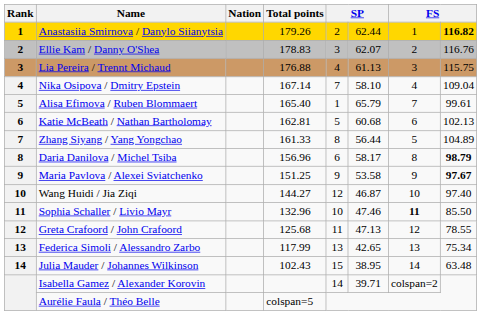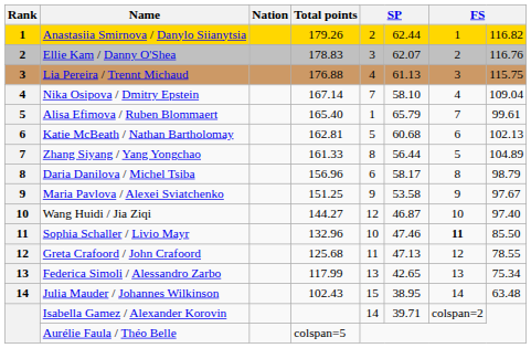 <table class="wikitable sortable">
 <tr>
 <th>Rank</th>
 <th>Name</th>
 <th>Nation</th>
 <th>Total points</th>
 <th colspan="2" width="80px"><a href='#'>SP</a></th>
 <th colspan="2" width="80px"><a href='#'>FS</a></th>
 </tr>
 <tr bgcolor="gold">
 <td align="center"><strong>1</strong></td>
 <td><a href='#'>Anastasiia Smirnova</a> / <a href='#'>Danylo Siianytsia</a></td>
 <td></td>
 <td align="center">179.26</td>
 <td align="center">2</td>
 <td align="center">62.44</td>
 <td align="center">1</td>
-<td align="center"><strong>116.82</strong></td>
+<td align="center">116.82</td>
 </tr>
 <tr bgcolor="silver">
 <td align="center"><strong>2</strong></td>
 <td><a href='#'>Ellie Kam</a> / <a href='#'>Danny O'Shea</a></td>
 <td></td>
 <td align="center">178.83</td>
 <td align="center">3</td>
 <td align="center">62.07</td>
 <td align="center">2</td>
 <td align="center">116.76</td>
 </tr>
 <tr bgcolor="cc9966">
 <td align="center"><strong>3</strong></td>
 <td><a href='#'>Lia Pereira</a> / <a href='#'>Trennt Michaud</a></td>
 <td></td>
 <td align="center">176.88</td>
 <td align="center">4</td>
 <td align="center">61.13</td>
 <td align="center">3</td>
 <td align="center">115.75</td>
 </tr>
 <tr>
 <th>4</th>
 <td><a href='#'>Nika Osipova</a> / <a href='#'>Dmitry Epstein</a></td>
 <td></td>
 <td align="center">167.14</td>
 <td align="center">7</td>
 <td align="center">58.10</td>
 <td align="center">4</td>
 <td align="center">109.04</td>
 </tr>
 <tr>
 <th>5</th>
 <td><a href='#'>Alisa Efimova</a> / <a href='#'>Ruben Blommaert</a></td>
 <td></td>
 <td align="center">165.40</td>
 <td align="center">1</td>
 <td align="center">65.79</td>
 <td align="center">7</td>
 <td align="center">99.61</td>
 </tr>
 <tr>
 <th>6</th>
 <td><a href='#'>Katie McBeath</a> / <a href='#'>Nathan Bartholomay</a></td>
 <td></td>
 <td align="center">162.81</td>
 <td align="center">5</td>
 <td align="center">60.68</td>
 <td align="center">6</td>
 <td align="center">102.13</td>
 </tr>
 <tr>
 <th>7</th>
 <td><a href='#'>Zhang Siyang</a> / <a href='#'>Yang Yongchao</a></td>
 <td></td>
 <td align="center">161.33</td>
 <td align="center">8</td>
 <td align="center">56.44</td>
 <td align="center">5</td>
 <td align="center">104.89</td>
 </tr>
 <tr>
 <th>8</th>
 <td><a href='#'>Daria Danilova</a> / <a href='#'>Michel Tsiba</a></td>
 <td></td>
 <td align="center">156.96</td>
 <td align="center">6</td>
 <td align="center">58.17</td>
 <td align="center">8</td>
-<td align="center"><strong>98.79</strong></td>
+<td align="center">98.79</td>
 </tr>
 <tr>
 <th>9</th>
 <td><a href='#'>Maria Pavlova</a> / <a href='#'>Alexei Sviatchenko</a></td>
 <td></td>
 <td align="center">151.25</td>
 <td align="center">9</td>
 <td align="center">53.58</td>
 <td align="center">9</td>
-<td align="center"><strong>97.67</strong></td>
+<td align="center">97.67</td>
 </tr>
 <tr>
 <th>10</th>
 <td>Wang Huidi / Jia Ziqi</td>
 <td></td>
 <td align="center">144.27</td>
 <td align="center">12</td>
 <td align="center">46.87</td>
 <td align="center">10</td>
 <td align="center">97.40</td>
 </tr>
 <tr>
 <th>11</th>
 <td><a href='#'>Sophia Schaller</a> / <a href='#'>Livio Mayr</a></td>
 <td></td>
 <td align="center">132.96</td>
 <td align="center">10</td>
 <td align="center">47.46</td>
 <td align="center"><strong>11</strong></td>
 <td align="center">85.50</td>
 </tr>
 <tr>
 <th>12</th>
 <td><a href='#'>Greta Crafoord</a> / <a href='#'>John Crafoord</a></td>
 <td></td>
 <td align="center">125.68</td>
 <td align="center">11</td>
 <td align="center">47.13</td>
 <td align="center">12</td>
 <td align="center">78.55</td>
 </tr>
 <tr>
 <th>13</th>
 <td><a href='#'>Federica Simoli</a> / <a href='#'>Alessandro Zarbo</a></td>
 <td></td>
 <td align="center">117.99</td>
 <td align="center">13</td>
 <td align="center">42.65</td>
 <td align="center">13</td>
 <td align="center">75.34</td>
 </tr>
 <tr>
 <th>14</th>
 <td><a href='#'>Julia Mauder</a> / <a href='#'>Johannes Wilkinson</a></td>
 <td></td>
 <td align="center">102.43</td>
 <td align="center">15</td>
 <td align="center">38.95</td>
 <td align="center">14</td>
 <td align="center">63.48</td>
 </tr>
 <tr>
 <th rowspan="2"></th>
 <td><a href='#'>Isabella Gamez</a> / <a href='#'>Alexander Korovin</a></td>
 <td></td>
 <td></td>
 <td align="center">14</td>
 <td align="center">39.71</td>
 <td>colspan=2 </td>
 </tr>
 <tr>
 <td><a href='#'>Aurélie Faula</a> / <a href='#'>Théo Belle</a></td>
 <td></td>
 <td>colspan=5 </td>
 </tr>
 </table>
